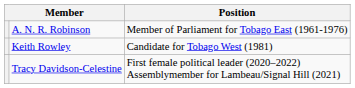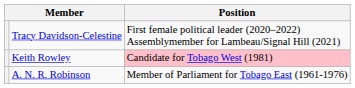 <table class="wikitable sortable">
 <tr>
 <th colspan="2">Member</th>
 <th>Position</th>
 </tr>
 <tr>
 <th style="background-color: "></th>
-<td><a href='#'>A. N. R. Robinson</a></td>
-<td>Member of Parliament for <a href='#'>Tobago East</a> (1961-1976)</td>
+<td><a href='#'>Tracy Davidson-Celestine</a></td>
+<td>First female political leader (2020–2022)<br>Assemblymember for Lambeau/Signal Hill (2021)</td>
 </tr>
 <tr>
 <th style="background-color: "></th>
 <td><a href='#'>Keith Rowley</a></td>
-<td>Candidate for <a href='#'>Tobago West</a> (1981)</td>
+<td style="background: pink;">Candidate for <a href='#'>Tobago West</a> (1981)</td>
 </tr>
 <tr>
 <th style="background-color: "></th>
-<td><a href='#'>Tracy Davidson-Celestine</a></td>
-<td>First female political leader (2020–2022)<br>Assemblymember for Lambeau/Signal Hill (2021)</td>
+<td><a href='#'>A. N. R. Robinson</a></td>
+<td>Member of Parliament for <a href='#'>Tobago East</a> (1961-1976)</td>
 </tr>
 </table>
